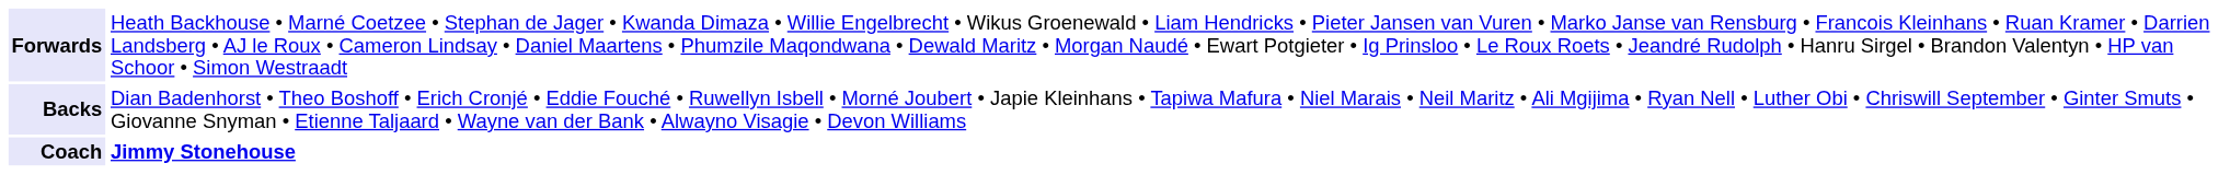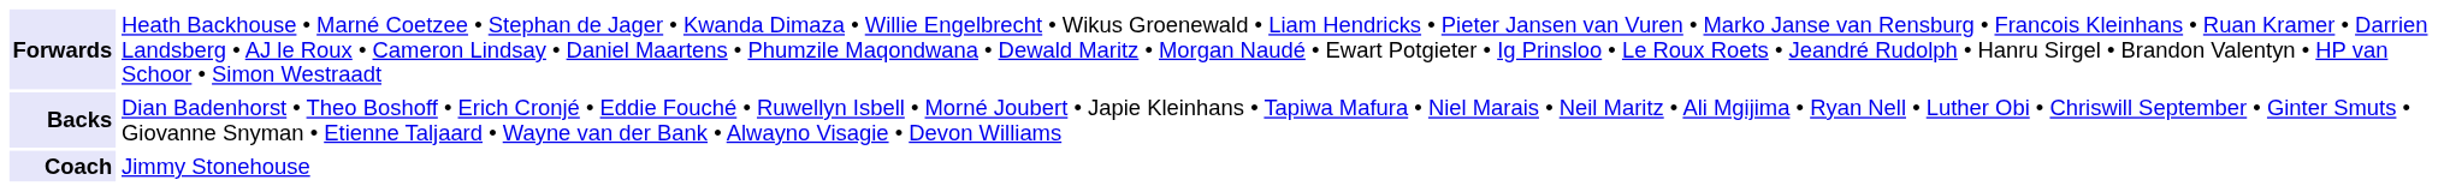 <table cellpadding="2" style="border: 1px solid white; font-size:90%;">
 <tr>
 <td style="text-align:right;" bgcolor="lavender"><strong>Forwards</strong></td>
 <td style="text-align:left;"><a href='#'>Heath Backhouse</a> • <a href='#'>Marné Coetzee</a> • <a href='#'>Stephan de Jager</a> • <a href='#'>Kwanda Dimaza</a> • <a href='#'>Willie Engelbrecht</a> • Wikus Groenewald • <a href='#'>Liam Hendricks</a> • <a href='#'>Pieter Jansen van Vuren</a> • <a href='#'>Marko Janse van Rensburg</a> • <a href='#'>Francois Kleinhans</a> • <a href='#'>Ruan Kramer</a> • <a href='#'>Darrien Landsberg</a> • <a href='#'>AJ le Roux</a> • <a href='#'>Cameron Lindsay</a> • <a href='#'>Daniel Maartens</a> • <a href='#'>Phumzile Maqondwana</a> • <a href='#'>Dewald Maritz</a> • <a href='#'>Morgan Naudé</a> • Ewart Potgieter • <a href='#'>Ig Prinsloo</a> • <a href='#'>Le Roux Roets</a> • <a href='#'>Jeandré Rudolph</a> • Hanru Sirgel • Brandon Valentyn • <a href='#'>HP van Schoor</a> • <a href='#'>Simon Westraadt</a></td>
 </tr>
 <tr>
 <td style="text-align:right;" bgcolor="lavender"><strong>Backs</strong></td>
 <td style="text-align:left;"><a href='#'>Dian Badenhorst</a> • <a href='#'>Theo Boshoff</a> • <a href='#'>Erich Cronjé</a> • <a href='#'>Eddie Fouché</a> • <a href='#'>Ruwellyn Isbell</a> • <a href='#'>Morné Joubert</a> • Japie Kleinhans • <a href='#'>Tapiwa Mafura</a> • <a href='#'>Niel Marais</a> • <a href='#'>Neil Maritz</a> • <a href='#'>Ali Mgijima</a> • <a href='#'>Ryan Nell</a> • <a href='#'>Luther Obi</a> • <a href='#'>Chriswill September</a> • <a href='#'>Ginter Smuts</a> • Giovanne Snyman • <a href='#'>Etienne Taljaard</a> • <a href='#'>Wayne van der Bank</a> • <a href='#'>Alwayno Visagie</a> • <a href='#'>Devon Williams</a></td>
 </tr>
 <tr>
 <td style="text-align:right;" bgcolor="lavender"><strong>Coach</strong></td>
-<td style="text-align:left;"><strong><a href='#'>Jimmy Stonehouse</a></strong></td>
+<td style="text-align:left;"><a href='#'>Jimmy Stonehouse</a></td>
 </tr>
 </table>
